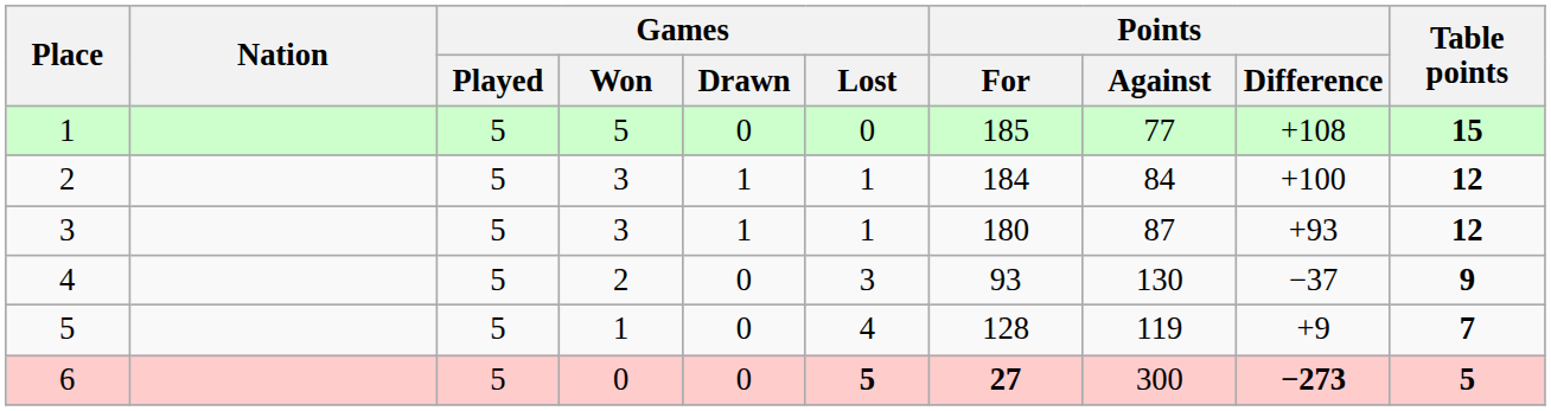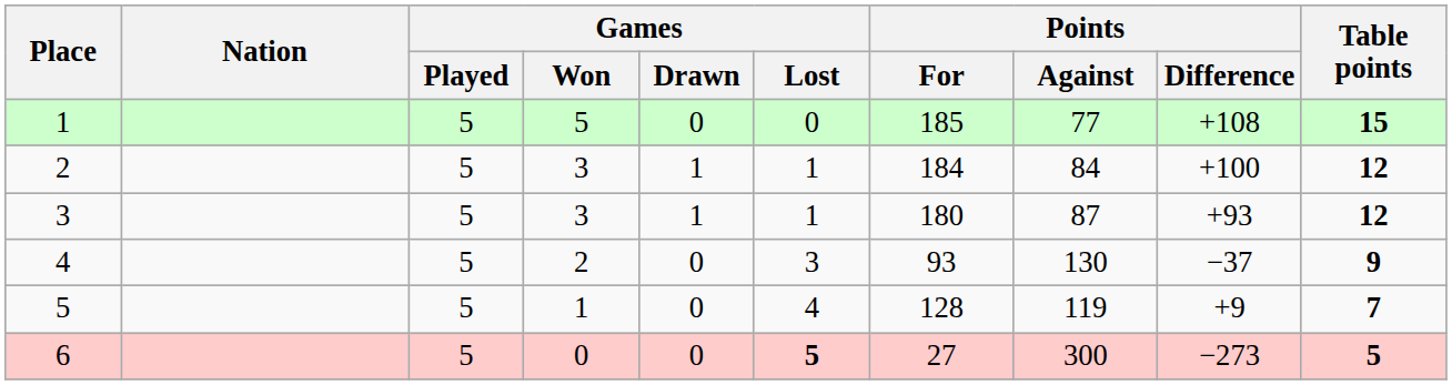 <table class="wikitable" style="text-align:center">
 <tr>
 <th rowspan="2" style="width:8%">Place</th>
 <th rowspan="2" style="width:20%">Nation</th>
 <th colspan="4" style="width:32%">Games</th>
 <th colspan="3" style="width:30%">Points</th>
 <th rowspan="2" style="width:10%">Table<br>points</th>
 </tr>
 <tr>
 <th style="width:8%">Played</th>
 <th style="width:8%">Won</th>
 <th style="width:8%">Drawn</th>
 <th style="width:8%">Lost</th>
 <th style="width:10%">For</th>
 <th style="width:10%">Against</th>
 <th style="width:10%">Difference</th>
 </tr>
 <tr style="background:#cfc">
 <td>1</td>
 <td align=left></td>
 <td>5</td>
 <td>5</td>
 <td>0</td>
 <td>0</td>
 <td>185</td>
 <td>77</td>
 <td>+108</td>
 <td><strong>15</strong></td>
 </tr>
 <tr>
 <td>2</td>
 <td align=left></td>
 <td>5</td>
 <td>3</td>
 <td>1</td>
 <td>1</td>
 <td>184</td>
 <td>84</td>
 <td>+100</td>
 <td><strong>12</strong></td>
 </tr>
 <tr>
 <td>3</td>
 <td align=left></td>
 <td>5</td>
 <td>3</td>
 <td>1</td>
 <td>1</td>
 <td>180</td>
 <td>87</td>
 <td>+93</td>
 <td><strong>12</strong></td>
 </tr>
 <tr>
 <td>4</td>
 <td align=left></td>
 <td>5</td>
 <td>2</td>
 <td>0</td>
 <td>3</td>
 <td>93</td>
 <td>130</td>
 <td>−37</td>
 <td><strong>9</strong></td>
 </tr>
 <tr>
 <td>5</td>
 <td align=left></td>
 <td>5</td>
 <td>1</td>
 <td>0</td>
 <td>4</td>
 <td>128</td>
 <td>119</td>
 <td>+9</td>
 <td><strong>7</strong></td>
 </tr>
 <tr style="background:#fcc">
 <td>6</td>
 <td align=left></td>
 <td>5</td>
 <td>0</td>
 <td>0</td>
 <td><strong>5</strong></td>
-<td><strong>27</strong></td>
+<td>27</td>
 <td>300</td>
-<td><strong>−273</strong></td>
+<td>−273</td>
 <td><strong>5</strong></td>
 </tr>
 </table>
